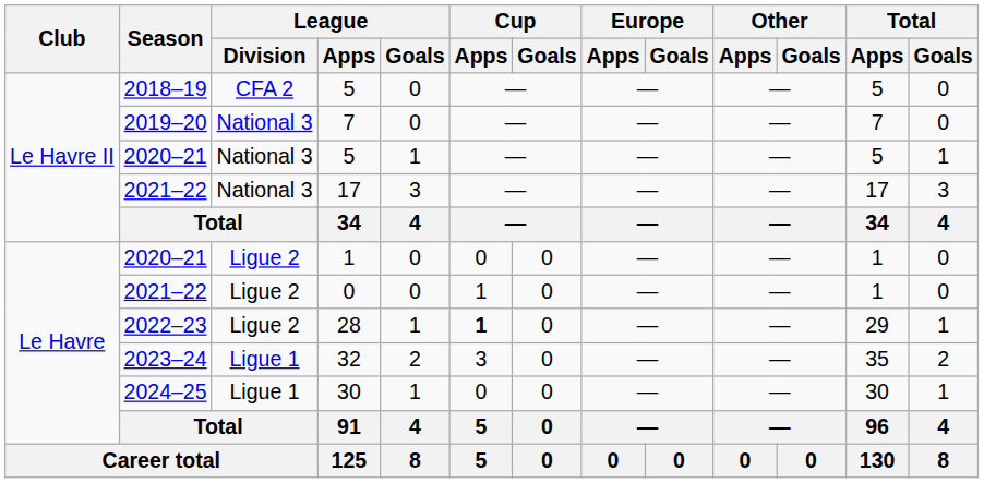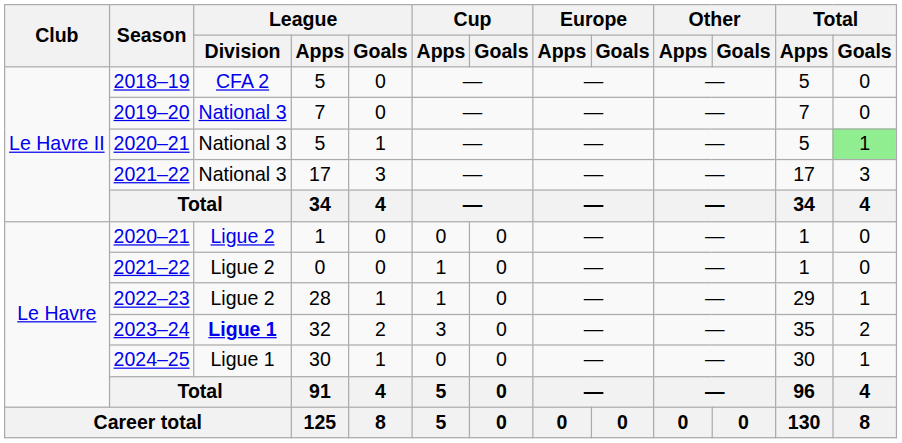 <table class="wikitable" style="text-align:center">
 <tr>
 <th rowspan="2">Club</th>
 <th rowspan="2">Season</th>
 <th colspan="3">League</th>
 <th colspan="2">Cup</th>
 <th colspan="2">Europe</th>
 <th colspan="2">Other</th>
 <th colspan="2">Total</th>
 </tr>
 <tr>
 <th>Division</th>
 <th>Apps</th>
 <th>Goals</th>
 <th>Apps</th>
 <th>Goals</th>
 <th>Apps</th>
 <th>Goals</th>
 <th>Apps</th>
 <th>Goals</th>
 <th>Apps</th>
 <th>Goals</th>
 </tr>
 <tr>
 <td rowspan="5"><a href='#'>Le Havre II</a></td>
 <td><a href='#'>2018–19</a></td>
 <td><a href='#'>CFA 2</a></td>
 <td>5</td>
 <td>0</td>
 <td colspan="2">—</td>
 <td colspan="2">—</td>
 <td colspan="2">—</td>
 <td>5</td>
 <td>0</td>
 </tr>
 <tr>
 <td><a href='#'>2019–20</a></td>
 <td><a href='#'>National 3</a></td>
 <td>7</td>
 <td>0</td>
 <td colspan="2">—</td>
 <td colspan="2">—</td>
 <td colspan="2">—</td>
 <td>7</td>
 <td>0</td>
 </tr>
 <tr>
 <td><a href='#'>2020–21</a></td>
 <td>National 3</td>
 <td>5</td>
 <td>1</td>
 <td colspan="2">—</td>
 <td colspan="2">—</td>
 <td colspan="2">—</td>
 <td>5</td>
-<td>1</td>
+<td style="background: lightgreen;">1</td>
 </tr>
 <tr>
 <td><a href='#'>2021–22</a></td>
 <td>National 3</td>
 <td>17</td>
 <td>3</td>
 <td colspan="2">—</td>
 <td colspan="2">—</td>
 <td colspan="2">—</td>
 <td>17</td>
 <td>3</td>
 </tr>
 <tr>
 <th colspan="2">Total</th>
 <th>34</th>
 <th>4</th>
 <th colspan="2">—</th>
 <th colspan="2">—</th>
 <th colspan="2">—</th>
 <th>34</th>
 <th>4</th>
 </tr>
 <tr>
 <td rowspan="6"><a href='#'>Le Havre</a></td>
 <td><a href='#'>2020–21</a></td>
 <td><a href='#'>Ligue 2</a></td>
 <td>1</td>
 <td>0</td>
 <td>0</td>
 <td>0</td>
 <td colspan="2">—</td>
 <td colspan="2">—</td>
 <td>1</td>
 <td>0</td>
 </tr>
 <tr>
 <td><a href='#'>2021–22</a></td>
 <td>Ligue 2</td>
 <td>0</td>
 <td>0</td>
 <td>1</td>
 <td>0</td>
 <td colspan="2">—</td>
 <td colspan="2">—</td>
 <td>1</td>
 <td>0</td>
 </tr>
 <tr>
 <td><a href='#'>2022–23</a></td>
 <td>Ligue 2</td>
 <td>28</td>
 <td>1</td>
-<td><strong>1</strong></td>
+<td>1</td>
 <td>0</td>
 <td colspan="2">—</td>
 <td colspan="2">—</td>
 <td>29</td>
 <td>1</td>
 </tr>
 <tr>
 <td><a href='#'>2023–24</a></td>
-<td><a href='#'>Ligue 1</a></td>
+<td><strong><a href='#'>Ligue 1</a></strong></td>
 <td>32</td>
 <td>2</td>
 <td>3</td>
 <td>0</td>
 <td colspan="2">—</td>
 <td colspan="2">—</td>
 <td>35</td>
 <td>2</td>
 </tr>
 <tr>
 <td><a href='#'>2024–25</a></td>
 <td>Ligue 1</td>
 <td>30</td>
 <td>1</td>
 <td>0</td>
 <td>0</td>
 <td colspan="2">—</td>
 <td colspan="2">—</td>
 <td>30</td>
 <td>1</td>
 </tr>
 <tr>
 <th colspan="2">Total</th>
 <th>91</th>
 <th>4</th>
 <th>5</th>
 <th>0</th>
 <th colspan="2">—</th>
 <th colspan="2">—</th>
 <th>96</th>
 <th>4</th>
 </tr>
 <tr>
 <th colspan="3">Career total</th>
 <th>125</th>
 <th>8</th>
 <th>5</th>
 <th>0</th>
 <th>0</th>
 <th>0</th>
 <th>0</th>
 <th>0</th>
 <th>130</th>
 <th>8</th>
 </tr>
 </table>
